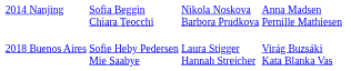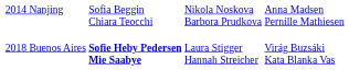 <table>
 <tr>
 <td><a href='#'>2014 Nanjing</a><br></td>
 <td><br><a href='#'>Sofia Beggin</a><br><a href='#'>Chiara Teocchi</a></td>
 <td><br><a href='#'>Nikola Noskova</a><br><a href='#'>Barbora Prudkova</a></td>
 <td><br><a href='#'>Anna Madsen</a><br><a href='#'>Pernille Mathiesen</a></td>
 </tr>
 <tr>
 <td><a href='#'>2018 Buenos Aires</a><br></td>
-<td><br><a href='#'>Sofie Heby Pedersen</a><br><a href='#'>Mie Saabye</a></td>
+<td><strong><br><a href='#'>Sofie Heby Pedersen</a><br><a href='#'>Mie Saabye</a></strong></td>
 <td><br><a href='#'>Laura Stigger</a><br><a href='#'>Hannah Streicher</a></td>
 <td><br><a href='#'>Virág Buzsáki</a><br><a href='#'>Kata Blanka Vas</a></td>
 </tr>
 </table>
